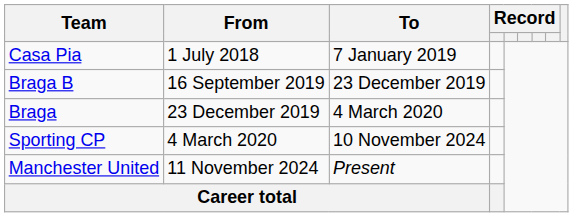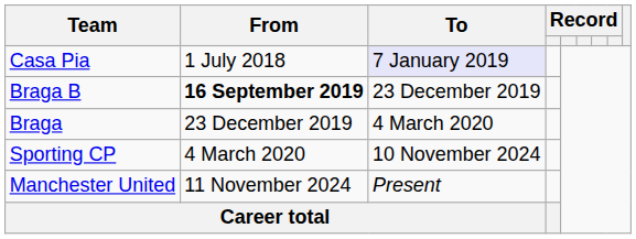 <table class="wikitable" style="text-align: center;">
 <tr>
 <th rowspan="2">Team</th>
 <th rowspan="2">From</th>
 <th rowspan="2">To</th>
 <th colspan="5">Record</th>
 <th rowspan="2"></th>
 </tr>
 <tr>
 <th></th>
 <th></th>
 <th></th>
 <th></th>
 <th></th>
 </tr>
 <tr>
 <td align="left"><a href='#'>Casa Pia</a></td>
 <td align="left">1 July 2018</td>
-<td align="left">7 January 2019<br></td>
+<td align="left" style="background: lavender;">7 January 2019<br></td>
 <td></td>
 </tr>
 <tr>
 <td align="left"><a href='#'>Braga B</a></td>
-<td align="left">16 September 2019</td>
+<td align="left"><strong>16 September 2019</strong></td>
 <td align="left">23 December 2019<br></td>
 <td></td>
 </tr>
 <tr>
 <td align="left"><a href='#'>Braga</a></td>
 <td align="left">23 December 2019</td>
 <td align="left">4 March 2020<br></td>
 <td></td>
 </tr>
 <tr>
 <td align="left"><a href='#'>Sporting CP</a></td>
 <td align="left">4 March 2020</td>
 <td align="left">10 November 2024<br></td>
 <td></td>
 </tr>
 <tr>
 <td align="left"><a href='#'>Manchester United</a></td>
 <td align="left">11 November 2024</td>
 <td align="left"><em>Present</em><br></td>
 <td></td>
 </tr>
 <tr>
 <th colspan="3">Career total<br></th>
 <th></th>
 </tr>
 </table>
